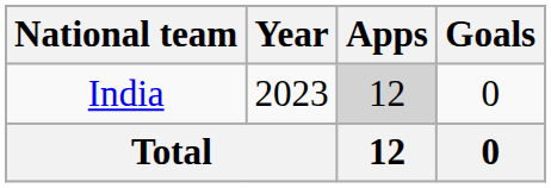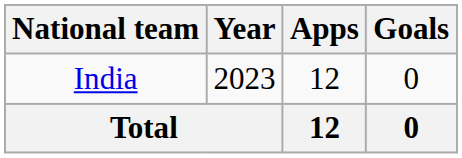 <table class="wikitable" style="text-align:center">
 <tr>
 <th>National team</th>
 <th>Year</th>
 <th>Apps</th>
 <th>Goals</th>
 </tr>
 <tr>
 <td rowspan="1"><a href='#'>India</a></td>
 <td>2023</td>
-<td style="background: lightgrey;">12</td>
+<td>12</td>
 <td>0</td>
 </tr>
 <tr>
 <th colspan="2">Total</th>
 <th>12</th>
 <th>0</th>
 </tr>
 </table>
